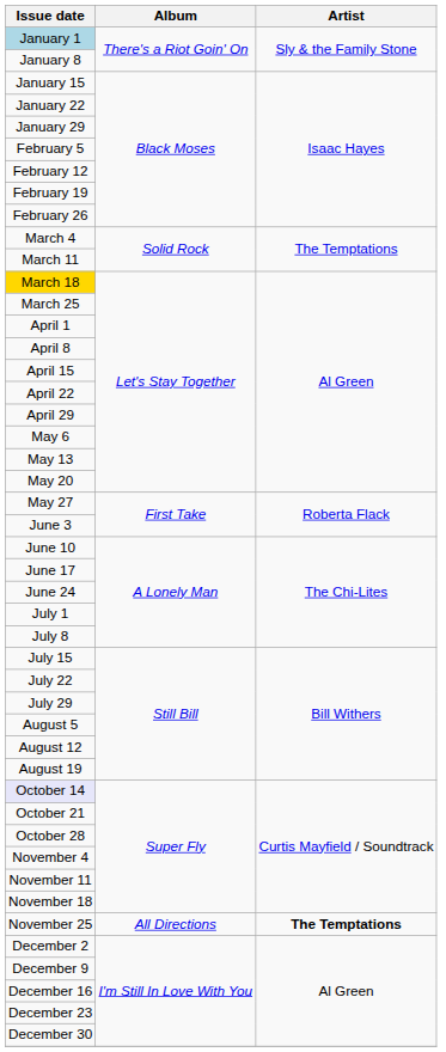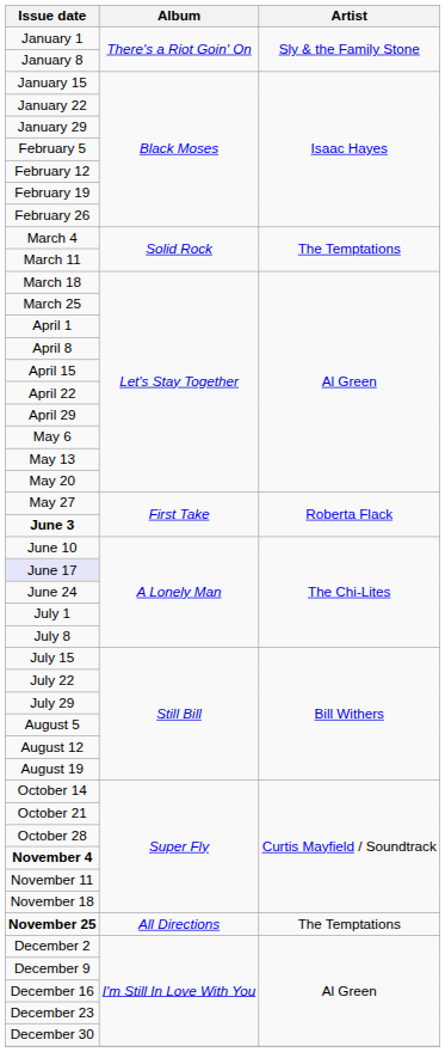 <table class="wikitable" style="text-align: center;">
 <tr>
 <th>Issue date</th>
 <th>Album</th>
 <th>Artist</th>
 </tr>
 <tr>
-<td style="background: lightblue;">January 1</td>
+<td>January 1</td>
 <td rowspan="2"><em><a href='#'>There's a Riot Goin' On</a></em></td>
 <td rowspan="2"><a href='#'>Sly & the Family Stone</a></td>
 </tr>
 <tr>
 <td>January 8</td>
 </tr>
 <tr>
 <td>January 15</td>
 <td rowspan="7"><em><a href='#'>Black Moses</a></em></td>
 <td rowspan="7"><a href='#'>Isaac Hayes</a></td>
 </tr>
 <tr>
 <td>January 22</td>
 </tr>
 <tr>
 <td>January 29</td>
 </tr>
 <tr>
 <td>February 5</td>
 </tr>
 <tr>
 <td>February 12</td>
 </tr>
 <tr>
 <td>February 19</td>
 </tr>
 <tr>
 <td>February 26</td>
 </tr>
 <tr>
 <td>March 4</td>
 <td rowspan="2"><em><a href='#'>Solid Rock</a></em></td>
 <td rowspan="2"><a href='#'>The Temptations</a></td>
 </tr>
 <tr>
 <td>March 11</td>
 </tr>
 <tr>
-<td style="background: gold;">March 18</td>
+<td>March 18</td>
 <td rowspan="10"><em><a href='#'>Let's Stay Together</a></em></td>
 <td rowspan="10"><a href='#'>Al Green</a></td>
 </tr>
 <tr>
 <td>March 25</td>
 </tr>
 <tr>
 <td>April 1</td>
 </tr>
 <tr>
 <td>April 8</td>
 </tr>
 <tr>
 <td>April 15</td>
 </tr>
 <tr>
 <td>April 22</td>
 </tr>
 <tr>
 <td>April 29</td>
 </tr>
 <tr>
 <td>May 6</td>
 </tr>
 <tr>
 <td>May 13</td>
 </tr>
 <tr>
 <td>May 20</td>
 </tr>
 <tr>
 <td>May 27</td>
 <td rowspan="2"><em><a href='#'>First Take</a></em></td>
 <td rowspan="2"><a href='#'>Roberta Flack</a></td>
 </tr>
 <tr>
-<td>June 3</td>
+<td><strong>June 3</strong></td>
 </tr>
 <tr>
 <td>June 10</td>
 <td rowspan="5"><em><a href='#'>A Lonely Man</a></em></td>
 <td rowspan="5"><a href='#'>The Chi-Lites</a></td>
 </tr>
 <tr>
-<td>June 17</td>
+<td style="background: lavender;">June 17</td>
 </tr>
 <tr>
 <td>June 24</td>
 </tr>
 <tr>
 <td>July 1</td>
 </tr>
 <tr>
 <td>July 8</td>
 </tr>
 <tr>
 <td>July 15</td>
 <td rowspan="6"><em><a href='#'>Still Bill</a></em></td>
 <td rowspan="6"><a href='#'>Bill Withers</a></td>
 </tr>
 <tr>
 <td>July 22</td>
 </tr>
 <tr>
 <td>July 29</td>
 </tr>
 <tr>
 <td>August 5</td>
 </tr>
 <tr>
 <td>August 12</td>
 </tr>
 <tr>
 <td>August 19</td>
 </tr>
 <tr>
-<td style="background: lavender;">October 14</td>
+<td>October 14</td>
 <td rowspan="6"><em><a href='#'>Super Fly</a></em></td>
 <td rowspan="6"><a href='#'>Curtis Mayfield</a> / Soundtrack</td>
 </tr>
 <tr>
 <td>October 21</td>
 </tr>
 <tr>
 <td>October 28</td>
 </tr>
 <tr>
-<td>November 4</td>
+<td><strong>November 4</strong></td>
 </tr>
 <tr>
 <td>November 11</td>
 </tr>
 <tr>
 <td>November 18</td>
 </tr>
 <tr>
-<td>November 25</td>
+<td><strong>November 25</strong></td>
 <td><em><a href='#'>All Directions</a></em></td>
-<td><strong>The Temptations</strong></td>
+<td>The Temptations</td>
 </tr>
 <tr>
 <td>December 2</td>
 <td rowspan="5"><em><a href='#'>I'm Still In Love With You</a></em></td>
 <td rowspan="5">Al Green</td>
 </tr>
 <tr>
 <td>December 9</td>
 </tr>
 <tr>
 <td>December 16</td>
 </tr>
 <tr>
 <td>December 23</td>
 </tr>
 <tr>
 <td>December 30</td>
 </tr>
 <tr>
 </tr>
 </table>
